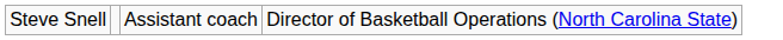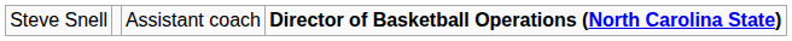 <table class="wikitable sortable" border="1">
 <tr align=center>
 </tr>
 <tr>
 <td>Steve Snell</td>
 <td></td>
 <td>Assistant coach</td>
-<td>Director of Basketball Operations (<a href='#'>North Carolina State</a>)</td>
+<td><strong>Director of Basketball Operations (<a href='#'>North Carolina State</a>)</strong></td>
 </tr>
 <tr>
 </tr>
 </table>
